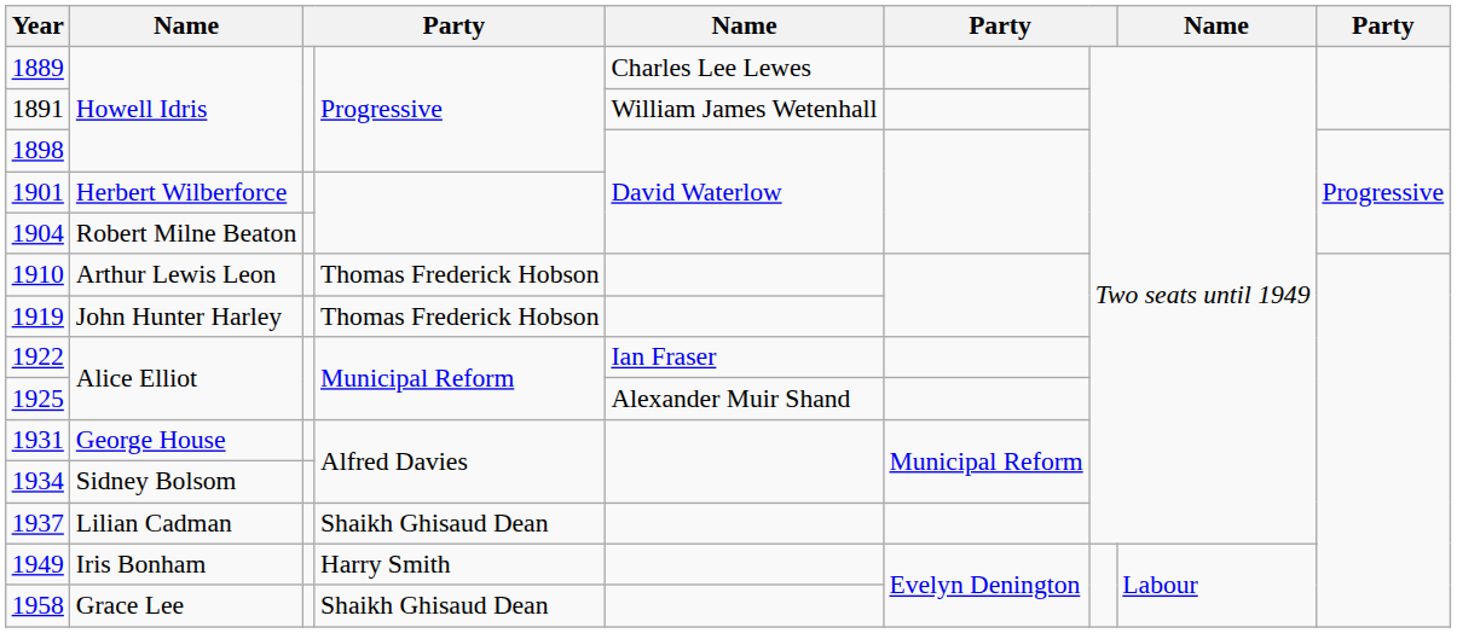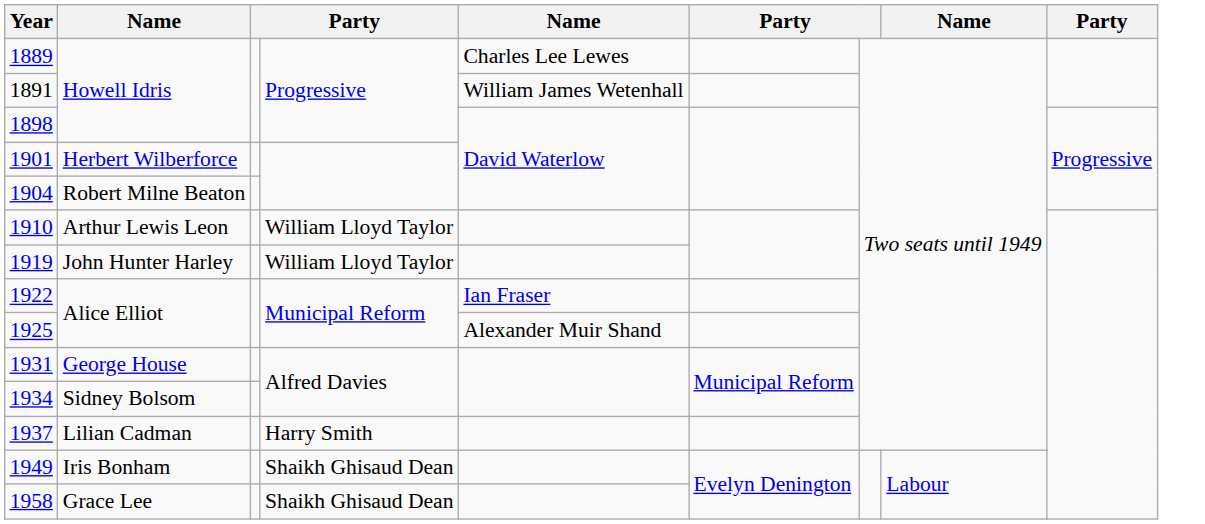 <table class="wikitable">
 <tr>
 <th>Year</th>
 <th>Name</th>
 <th colspan=2>Party</th>
 <th>Name</th>
 <th colspan=2>Party</th>
 <th>Name</th>
 <th colspan=2>Party</th>
 </tr>
 <tr>
 <td><a href='#'>1889</a></td>
 <td rowspan=3><a href='#'>Howell Idris</a></td>
 <td rowspan=3 style="background-color: "></td>
 <td rowspan=3><a href='#'>Progressive</a></td>
 <td>Charles Lee Lewes</td>
 <td></td>
 <td rowspan=12 colspan=3 align="center"><em>Two seats until 1949</em></td>
 </tr>
 <tr>
 <td>1891</td>
 <td>William James Wetenhall</td>
 <td></td>
 </tr>
 <tr>
 <td><a href='#'>1898</a></td>
 <td rowspan=3><a href='#'>David Waterlow</a></td>
 <td rowspan=3 style="background-color: "></td>
 <td rowspan=3><a href='#'>Progressive</a></td>
 </tr>
 <tr>
 <td><a href='#'>1901</a></td>
 <td><a href='#'>Herbert Wilberforce</a></td>
 <td></td>
 </tr>
 <tr>
 <td><a href='#'>1904</a></td>
 <td>Robert Milne Beaton</td>
 <td></td>
 </tr>
 <tr>
 <td><a href='#'>1910</a></td>
 <td>Arthur Lewis Leon</td>
 <td></td>
-<td>Thomas Frederick Hobson</td>
+<td>William Lloyd Taylor</td>
 <td></td>
 </tr>
 <tr>
 <td><a href='#'>1919</a></td>
 <td>John Hunter Harley</td>
 <td></td>
-<td>Thomas Frederick Hobson</td>
+<td>William Lloyd Taylor</td>
 <td></td>
 </tr>
 <tr>
 <td><a href='#'>1922</a></td>
 <td rowspan=2>Alice Elliot</td>
 <td rowspan=2 style="background-color: "></td>
 <td rowspan=2><a href='#'>Municipal Reform</a></td>
 <td><a href='#'>Ian Fraser</a></td>
 <td></td>
 </tr>
 <tr>
 <td><a href='#'>1925</a></td>
 <td>Alexander Muir Shand</td>
 <td></td>
 </tr>
 <tr>
 <td><a href='#'>1931</a></td>
 <td><a href='#'>George House</a></td>
 <td></td>
 <td rowspan=2>Alfred Davies</td>
 <td rowspan=2 style="background-color: "></td>
 <td rowspan=2><a href='#'>Municipal Reform</a></td>
 </tr>
 <tr>
 <td><a href='#'>1934</a></td>
 <td>Sidney Bolsom</td>
 <td></td>
 </tr>
 <tr>
 <td><a href='#'>1937</a></td>
 <td>Lilian Cadman</td>
 <td></td>
-<td>Shaikh Ghisaud Dean</td>
+<td>Harry Smith</td>
 <td></td>
 </tr>
 <tr>
 <td><a href='#'>1949</a></td>
 <td>Iris Bonham</td>
 <td></td>
-<td>Harry Smith</td>
+<td>Shaikh Ghisaud Dean</td>
 <td></td>
 <td rowspan=2><a href='#'>Evelyn Denington</a></td>
 <td rowspan=2 style="background-color: "></td>
 <td rowspan=2><a href='#'>Labour</a></td>
 </tr>
 <tr>
 <td><a href='#'>1958</a></td>
 <td>Grace Lee</td>
 <td></td>
 <td>Shaikh Ghisaud Dean</td>
 <td></td>
 </tr>
 </table>
